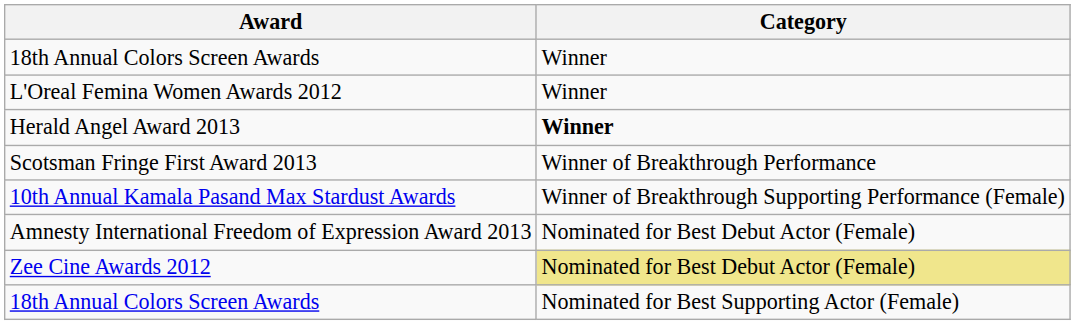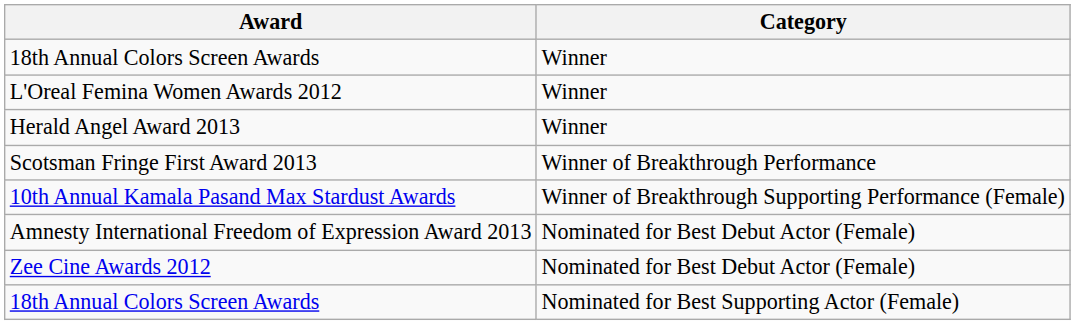 <table class="wikitable">
 <tr>
 <th>Award</th>
 <th>Category</th>
 </tr>
 <tr>
 <td>18th Annual Colors Screen Awards</td>
 <td>Winner</td>
 </tr>
 <tr>
 <td>L'Oreal Femina Women Awards 2012</td>
 <td>Winner</td>
 </tr>
 <tr>
 <td>Herald Angel Award 2013</td>
-<td><strong>Winner</strong></td>
+<td>Winner</td>
 </tr>
 <tr>
 <td>Scotsman Fringe First Award 2013</td>
 <td>Winner of Breakthrough Performance</td>
 </tr>
 <tr>
 <td><a href='#'>10th Annual Kamala Pasand Max Stardust Awards</a></td>
 <td>Winner of Breakthrough Supporting Performance (Female)</td>
 </tr>
 <tr>
 <td>Amnesty International Freedom of Expression Award 2013</td>
 <td>Nominated for Best Debut Actor (Female)</td>
 </tr>
 <tr>
 <td><a href='#'>Zee Cine Awards 2012</a></td>
-<td style="background: khaki;">Nominated for Best Debut Actor (Female)</td>
+<td>Nominated for Best Debut Actor (Female)</td>
 </tr>
 <tr>
 <td><a href='#'>18th Annual Colors Screen Awards</a></td>
 <td>Nominated for Best Supporting Actor (Female)</td>
 </tr>
 </table>
